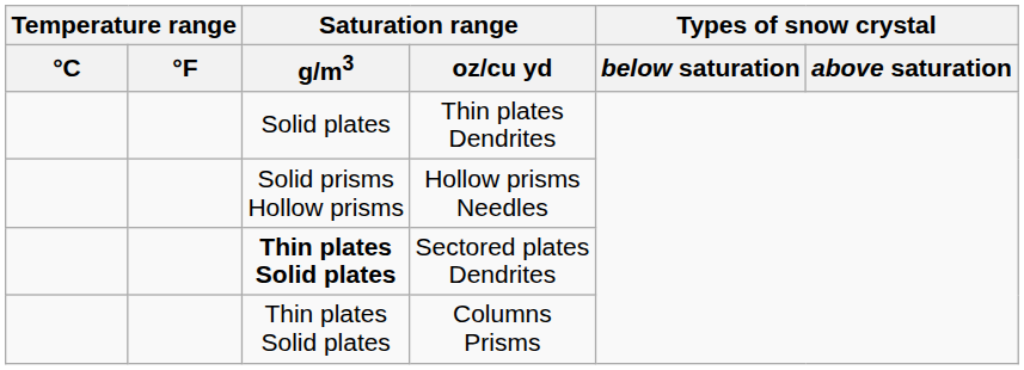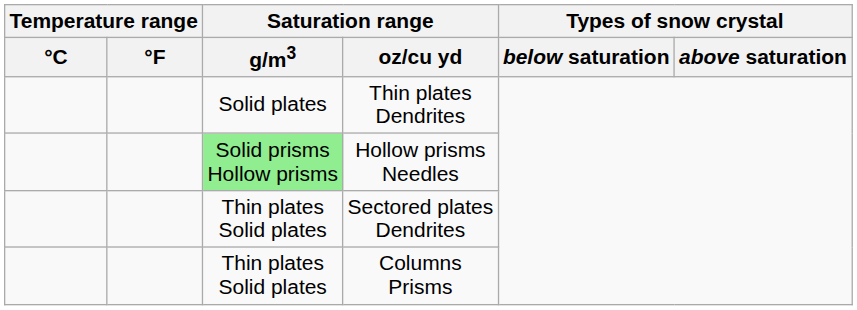 <table class="wikitable">
 <tr>
 <th colspan=2>Temperature range</th>
 <th colspan=2>Saturation range</th>
 <th colspan=2>Types of snow crystal</th>
 </tr>
 <tr>
 <th>°C</th>
 <th>°F</th>
 <th>g/m<sup>3</sup></th>
 <th>oz/cu yd</th>
 <th><em>below</em> saturation</th>
 <th><em>above</em> saturation</th>
 </tr>
 <tr>
 <td></td>
 <td></td>
 <td style="text-align:center;">Solid plates</td>
 <td style="text-align:center;">Thin plates<br>Dendrites</td>
 </tr>
 <tr>
 <td></td>
 <td></td>
-<td style="text-align:center;">Solid prisms<br>Hollow prisms</td>
+<td style="background: lightgreen; text-align:center;">Solid prisms<br>Hollow prisms</td>
 <td style="text-align:center;">Hollow prisms<br>Needles</td>
 </tr>
 <tr>
 <td></td>
 <td></td>
-<td style="text-align:center;"><strong>Thin plates<br>Solid plates</strong></td>
+<td style="text-align:center;">Thin plates<br>Solid plates</td>
 <td style="text-align:center;">Sectored plates<br>Dendrites</td>
 </tr>
 <tr>
 <td></td>
 <td></td>
 <td style="text-align:center;">Thin plates<br>Solid plates</td>
 <td style="text-align:center;">Columns<br>Prisms</td>
 </tr>
 </table>
